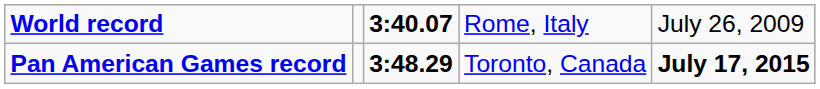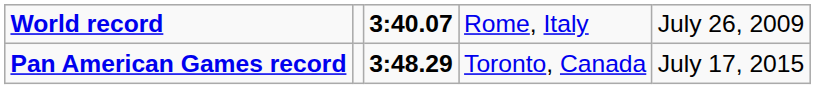 <table class="wikitable">
 <tr>
 <td><strong><a href='#'>World record</a></strong></td>
 <td></td>
 <td><strong>3:40.07</strong></td>
 <td><a href='#'>Rome</a>, <a href='#'>Italy</a></td>
 <td>July 26, 2009</td>
 </tr>
 <tr>
 <td><strong><a href='#'>Pan American Games record</a></strong></td>
 <td></td>
 <td><strong>3:48.29</strong></td>
 <td><a href='#'>Toronto</a>, <a href='#'>Canada</a></td>
-<td><strong>July 17, 2015</strong></td>
+<td>July 17, 2015</td>
 </tr>
 </table>
